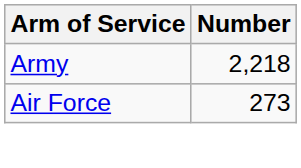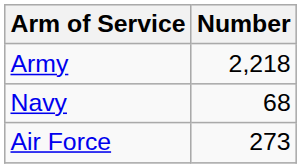 <table class="wikitable">
 <tr>
 <th>Arm of Service</th>
 <th>Number</th>
 </tr>
 <tr style="vertical-align:center;">
 <td><a href='#'>Army</a></td>
 <td style="text-align:right;">2,218</td>
 </tr>
 <tr>
+<td><a href='#'>Navy</a></td>
+<td style="text-align:right;">68</td>
+</tr>
+<tr>
 <td><a href='#'>Air Force</a></td>
 <td style="text-align:right;">273</td>
 </tr>
 </table>
